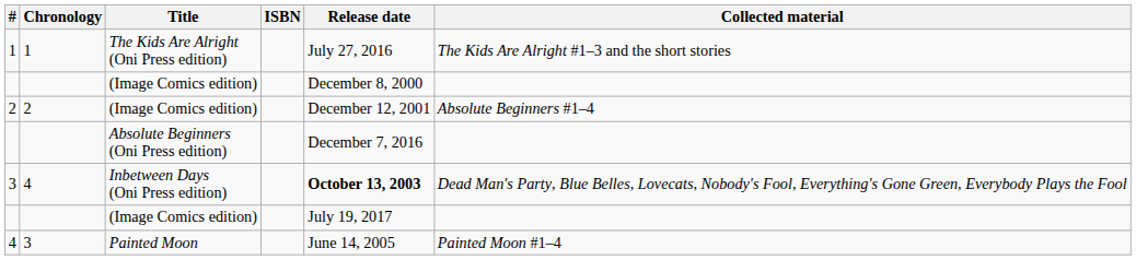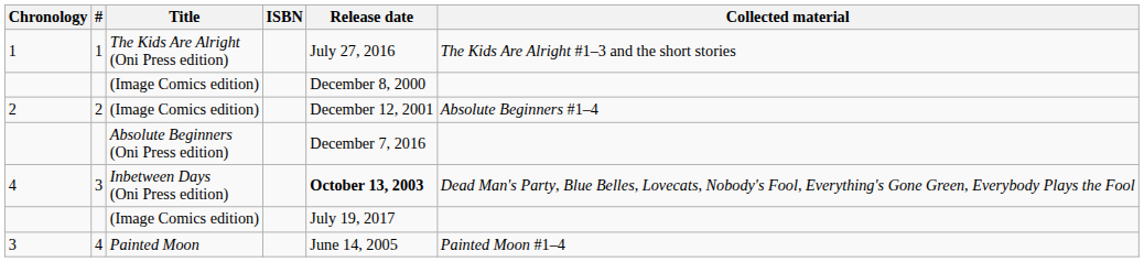 <table class="wikitable">
 <tr>
+<th>Chronology</th>
 <th>#</th>
-<th>Chronology</th>
 <th>Title</th>
 <th>ISBN</th>
 <th>Release date</th>
 <th>Collected material</th>
 </tr>
 <tr>
 <td>1</td>
 <td>1</td>
 <td><em>The Kids Are Alright</em><br>(Oni Press edition)</td>
 <td></td>
 <td>July 27, 2016</td>
 <td><em>The Kids Are Alright</em> #1–3 and the short stories</td>
 </tr>
 <tr>
 <td></td>
 <td></td>
 <td>(Image Comics edition)</td>
 <td></td>
 <td>December 8, 2000</td>
 <td></td>
 </tr>
 <tr>
 <td>2</td>
 <td>2</td>
 <td>(Image Comics edition)</td>
 <td></td>
 <td>December 12, 2001</td>
 <td><em>Absolute Beginners</em> #1–4</td>
 </tr>
 <tr>
 <td></td>
 <td></td>
 <td><em>Absolute Beginners</em><br>(Oni Press edition)</td>
 <td></td>
 <td>December 7, 2016</td>
 <td></td>
 </tr>
 <tr>
+<td>4</td>
 <td>3</td>
-<td>4</td>
 <td><em>Inbetween Days</em><br>(Oni Press edition)</td>
 <td></td>
 <td><strong>October 13, 2003</strong></td>
 <td><em>Dead Man's Party</em>, <em>Blue Belles</em>, <em>Lovecats</em>, <em>Nobody's Fool</em>, <em>Everything's Gone Green</em>, <em>Everybody Plays the Fool</em></td>
 </tr>
 <tr>
 <td></td>
 <td></td>
 <td>(Image Comics edition)</td>
 <td></td>
 <td>July 19, 2017</td>
 <td></td>
 </tr>
 <tr>
+<td>3</td>
 <td>4</td>
-<td>3</td>
 <td><em>Painted Moon</em></td>
 <td></td>
 <td>June 14, 2005</td>
 <td><em>Painted Moon</em> #1–4</td>
 </tr>
 </table>
